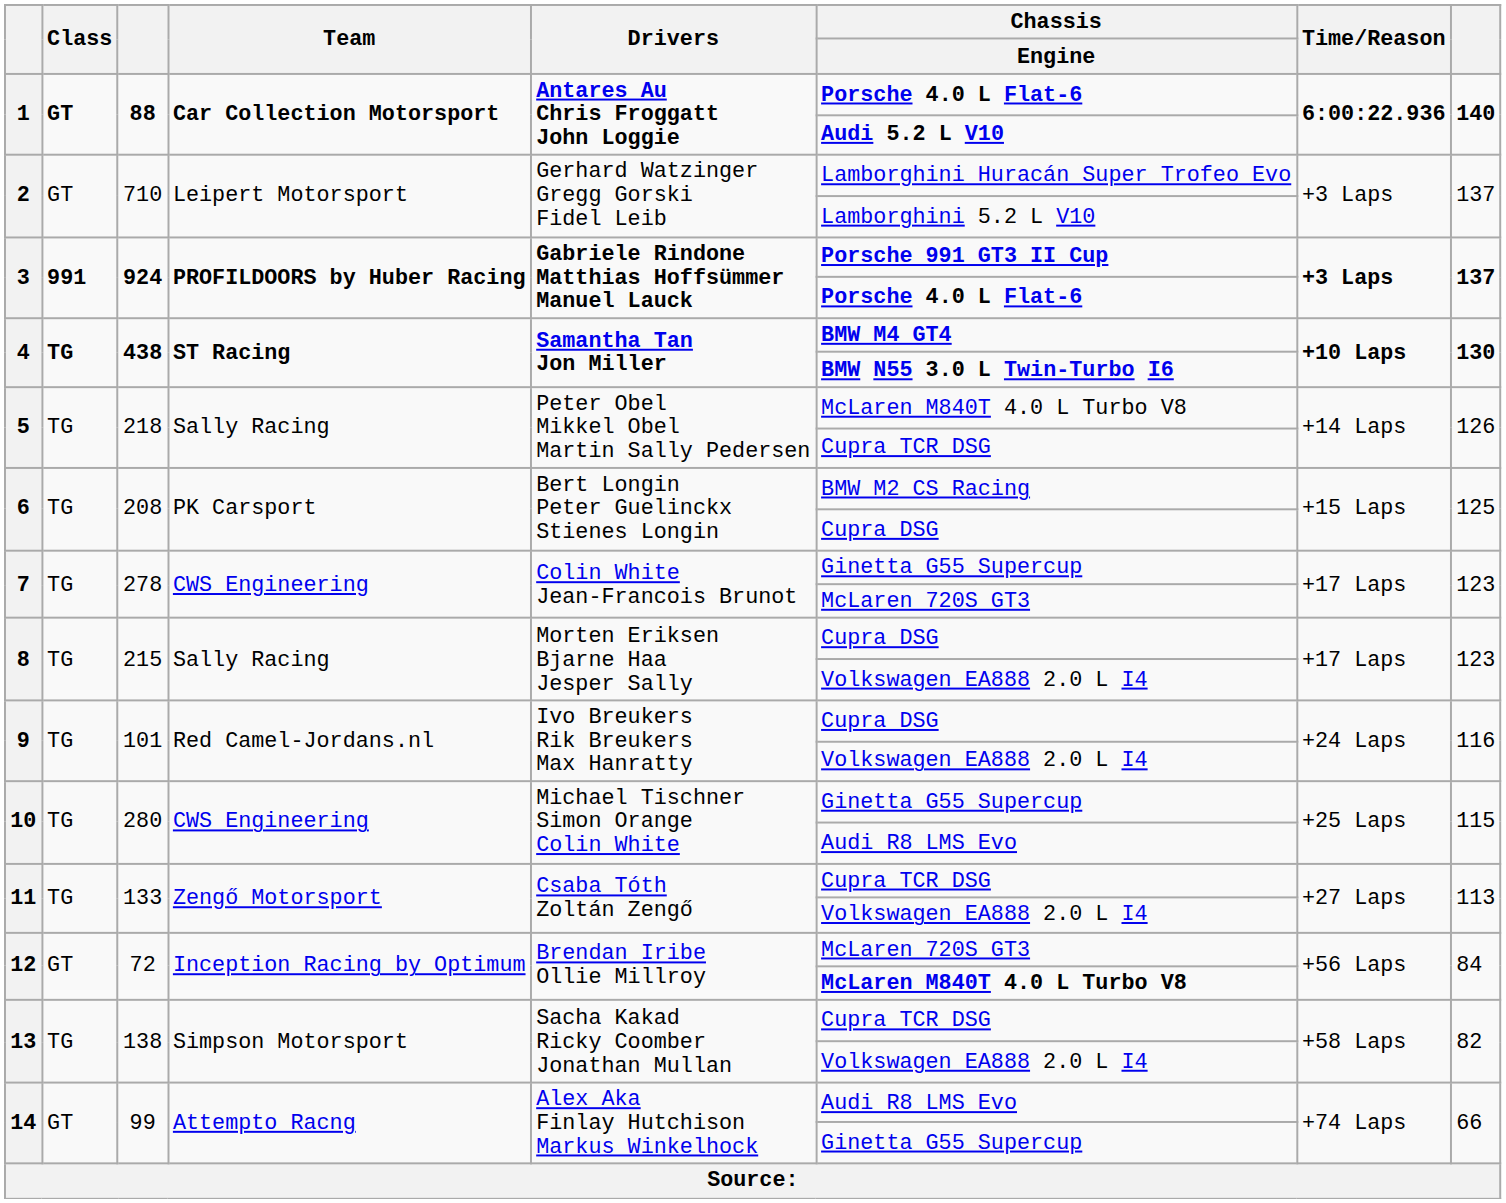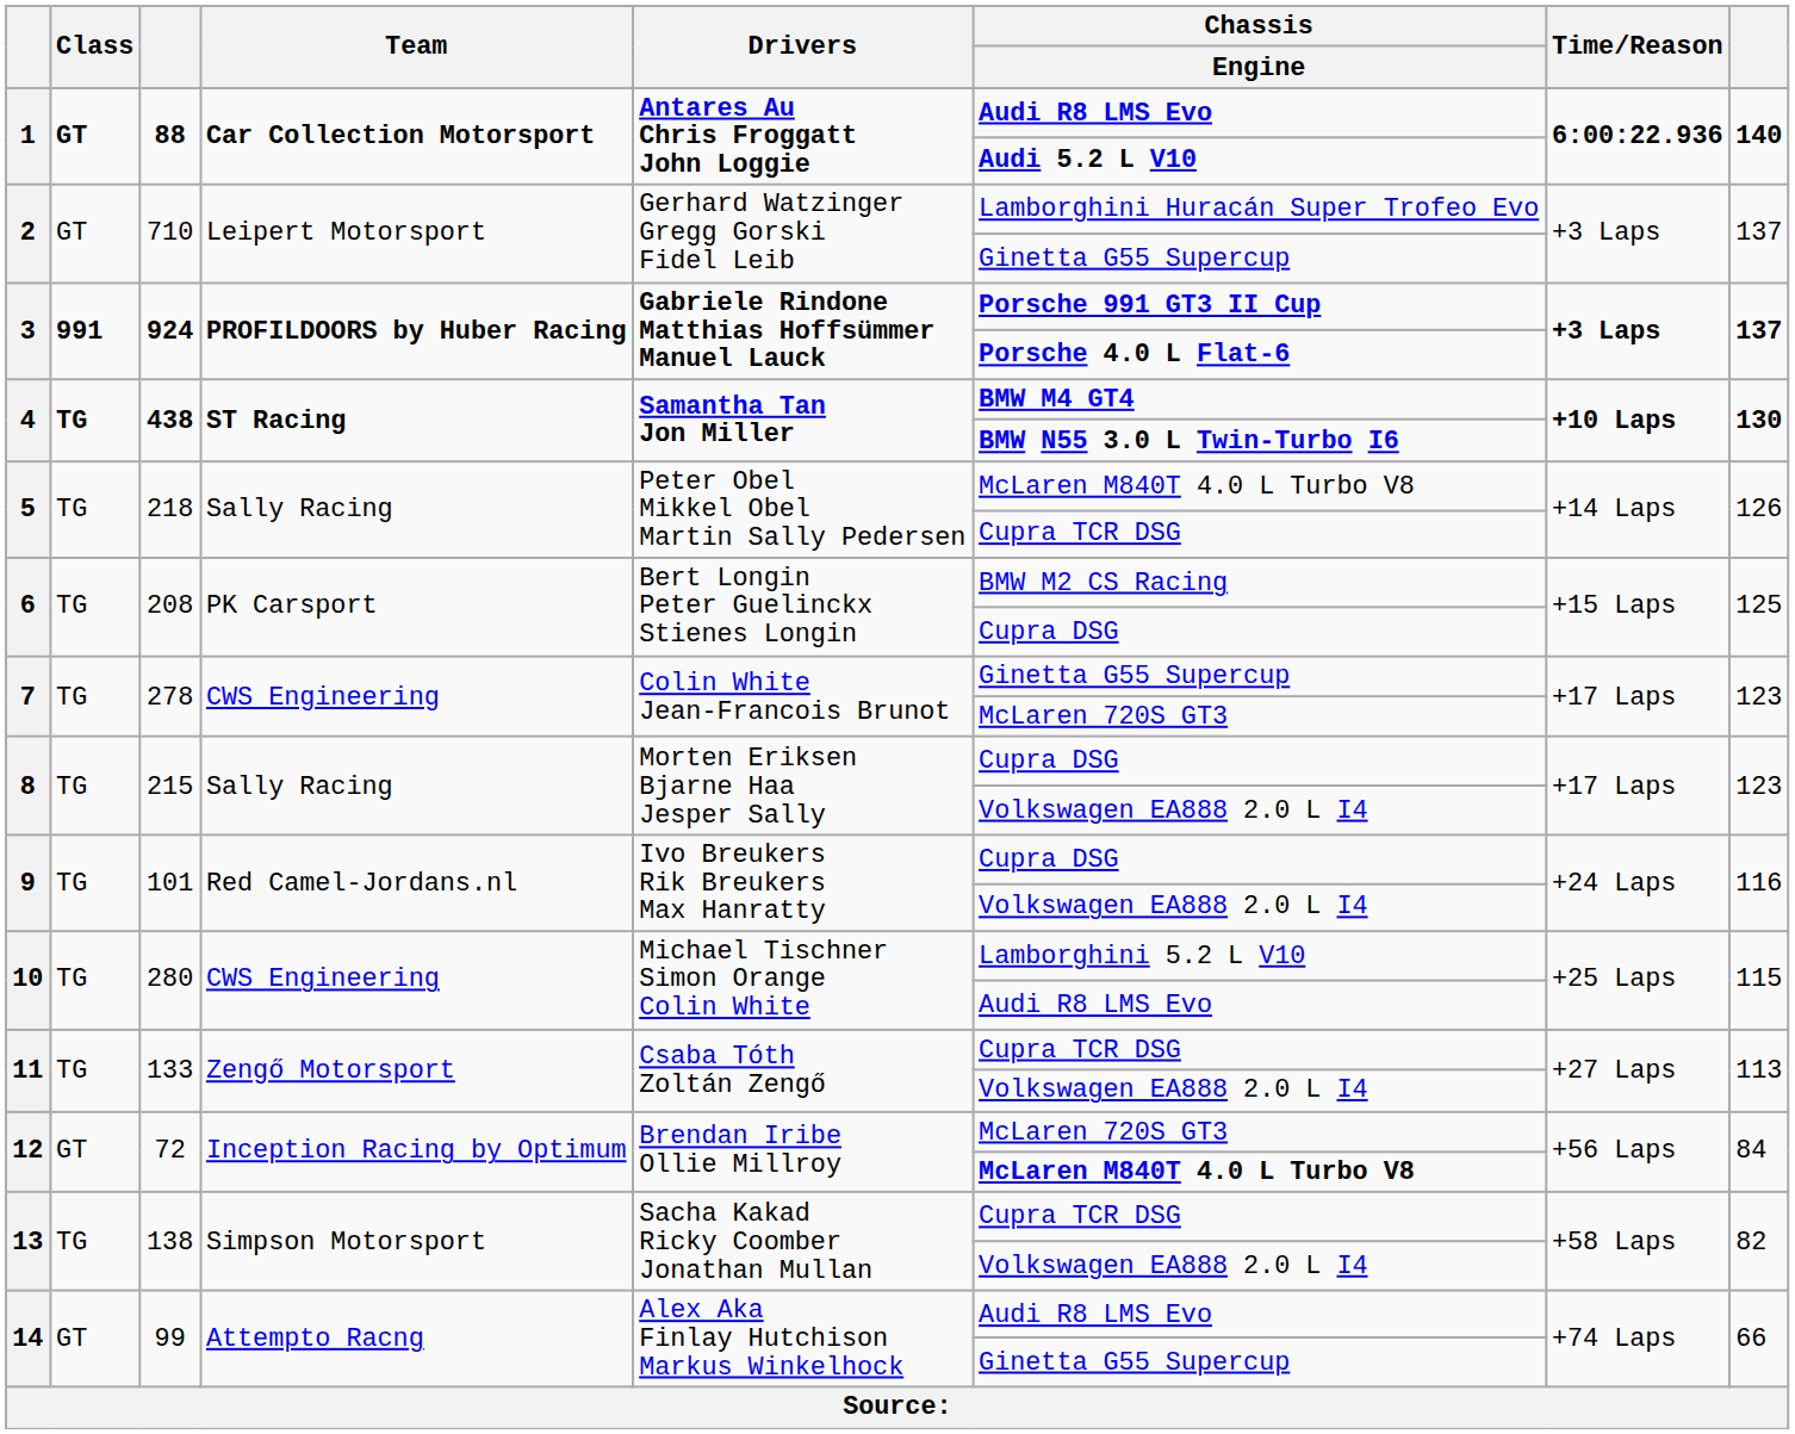 <table class="wikitable" style="font-size: 85%;">
 <tr>
 <th rowspan="2"></th>
 <th rowspan="2">Class</th>
 <th rowspan="2"></th>
 <th rowspan="2">Team</th>
 <th rowspan="2">Drivers</th>
 <th>Chassis</th>
 <th rowspan="2">Time/Reason</th>
 <th rowspan="2"></th>
 </tr>
 <tr>
 <th>Engine</th>
 </tr>
 <tr>
 <th rowspan="2">1</th>
 <td rowspan="2"><strong>GT</strong></td>
 <td rowspan="2" align="center"><strong>88</strong></td>
 <td rowspan="2"><strong> Car Collection Motorsport</strong></td>
 <td rowspan="2"><strong> <a href='#'>Antares Au</a><br> Chris Froggatt<br> John Loggie</strong></td>
-<td><strong><a href='#'>Porsche</a> 4.0 L <a href='#'>Flat-6</a></strong></td>
+<td><a href='#'><strong>Audi R8 LMS Evo</strong></a></td>
 <td rowspan="2"><strong>6:00:22.936</strong></td>
 <td rowspan="2"><strong>140</strong></td>
 </tr>
 <tr>
 <td><strong><a href='#'>Audi</a> 5.2 L <a href='#'>V10</a></strong></td>
 </tr>
 <tr>
 <th rowspan="2">2</th>
 <td rowspan="2">GT</td>
 <td rowspan="2" align="center">710</td>
 <td rowspan="2"> Leipert Motorsport</td>
 <td rowspan="2"> Gerhard Watzinger<br> Gregg Gorski<br> Fidel Leib</td>
 <td><a href='#'>Lamborghini Huracán Super Trofeo Evo</a></td>
 <td rowspan="2">+3 Laps</td>
 <td rowspan="2">137</td>
 </tr>
 <tr>
-<td><a href='#'>Lamborghini</a> 5.2 L <a href='#'>V10</a></td>
+<td><a href='#'>Ginetta G55 Supercup</a></td>
 </tr>
 <tr>
 <th rowspan="2">3</th>
 <td rowspan="2"><strong>991</strong></td>
 <td rowspan="2" align="center"><strong>924</strong></td>
 <td rowspan="2"><strong> PROFILDOORS by Huber Racing</strong></td>
 <td rowspan="2"><strong> Gabriele Rindone<br> Matthias Hoffsümmer<br> Manuel Lauck</strong></td>
 <td><a href='#'><strong>Porsche 991 GT3 II Cup</strong></a></td>
 <td rowspan="2"><strong>+3 Laps</strong></td>
 <td rowspan="2"><strong>137</strong></td>
 </tr>
 <tr>
 <td><strong><a href='#'>Porsche</a> 4.0 L <a href='#'>Flat-6</a></strong></td>
 </tr>
 <tr>
 <th rowspan="2">4</th>
 <td rowspan="2"><strong>TG</strong></td>
 <td rowspan="2" align="center"><strong>438</strong></td>
 <td rowspan="2"><strong> ST Racing</strong></td>
 <td rowspan="2"><strong> <a href='#'>Samantha Tan</a><br> Jon Miller</strong></td>
 <td><a href='#'><strong>BMW M4 GT4</strong></a></td>
 <td rowspan="2"><strong>+10 Laps</strong></td>
 <td rowspan="2"><strong>130</strong></td>
 </tr>
 <tr>
 <td><strong><a href='#'>BMW</a> <a href='#'>N55</a> 3.0 L <a href='#'>Twin-Turbo</a> <a href='#'>I6</a></strong></td>
 </tr>
 <tr>
 <th rowspan="2">5</th>
 <td rowspan="2">TG</td>
 <td rowspan="2" align="center">218</td>
 <td rowspan="2"> Sally Racing</td>
 <td rowspan="2"> Peter Obel<br> Mikkel Obel<br> Martin Sally Pedersen</td>
 <td><a href='#'>McLaren M840T</a> 4.0 L Turbo V8</td>
 <td rowspan="2">+14 Laps</td>
 <td rowspan="2">126</td>
 </tr>
 <tr>
 <td><a href='#'>Cupra TCR DSG</a></td>
 </tr>
 <tr>
 <th rowspan="2">6</th>
 <td rowspan="2">TG</td>
 <td rowspan="2" align="center">208</td>
 <td rowspan="2"> PK Carsport</td>
 <td rowspan="2"> Bert Longin<br> Peter Guelinckx<br> Stienes Longin</td>
 <td><a href='#'>BMW M2 CS Racing</a></td>
 <td rowspan="2">+15 Laps</td>
 <td rowspan="2">125</td>
 </tr>
 <tr>
 <td><a href='#'>Cupra DSG</a></td>
 </tr>
 <tr>
 <th rowspan="2">7</th>
 <td rowspan="2">TG</td>
 <td rowspan="2" align="center">278</td>
 <td rowspan="2"> <a href='#'>CWS Engineering</a></td>
 <td rowspan="2"> <a href='#'>Colin White</a><br> Jean-Francois Brunot</td>
 <td><a href='#'>Ginetta G55 Supercup</a></td>
 <td rowspan="2">+17 Laps</td>
 <td rowspan="2">123</td>
 </tr>
 <tr>
 <td><a href='#'>McLaren 720S GT3</a></td>
 </tr>
 <tr>
 <th rowspan="2">8</th>
 <td rowspan="2">TG</td>
 <td rowspan="2" align="center">215</td>
 <td rowspan="2"> Sally Racing</td>
 <td rowspan="2"> Morten Eriksen<br> Bjarne Haa<br> Jesper Sally</td>
 <td><a href='#'>Cupra DSG</a></td>
 <td rowspan="2">+17 Laps</td>
 <td rowspan="2">123</td>
 </tr>
 <tr>
 <td><a href='#'>Volkswagen EA888</a> 2.0 L <a href='#'>I4</a></td>
 </tr>
 <tr>
 <th rowspan="2">9</th>
 <td rowspan="2">TG</td>
 <td rowspan="2" align="center">101</td>
 <td rowspan="2"> Red Camel-Jordans.nl</td>
 <td rowspan="2"> Ivo Breukers<br> Rik Breukers<br> Max Hanratty</td>
 <td><a href='#'>Cupra DSG</a></td>
 <td rowspan="2">+24 Laps</td>
 <td rowspan="2">116</td>
 </tr>
 <tr>
 <td><a href='#'>Volkswagen EA888</a> 2.0 L <a href='#'>I4</a></td>
 </tr>
 <tr>
 <th rowspan="2">10</th>
 <td rowspan="2">TG</td>
 <td rowspan="2" align="center">280</td>
 <td rowspan="2"> <a href='#'>CWS Engineering</a></td>
 <td rowspan="2"> Michael Tischner<br> Simon Orange<br> <a href='#'>Colin White</a></td>
-<td><a href='#'>Ginetta G55 Supercup</a></td>
+<td><a href='#'>Lamborghini</a> 5.2 L <a href='#'>V10</a></td>
 <td rowspan="2">+25 Laps</td>
 <td rowspan="2">115</td>
 </tr>
 <tr>
 <td><a href='#'>Audi R8 LMS Evo</a></td>
 </tr>
 <tr>
 <th rowspan="2">11</th>
 <td rowspan="2">TG</td>
 <td rowspan="2" align="center">133</td>
 <td rowspan="2"> <a href='#'>Zengő Motorsport</a></td>
 <td rowspan="2"> <a href='#'>Csaba Tóth</a><br> Zoltán Zengő</td>
 <td><a href='#'>Cupra TCR DSG</a></td>
 <td rowspan="2">+27 Laps</td>
 <td rowspan="2">113</td>
 </tr>
 <tr>
 <td><a href='#'>Volkswagen EA888</a> 2.0 L <a href='#'>I4</a></td>
 </tr>
 <tr>
 <th rowspan="2">12</th>
 <td rowspan="2">GT</td>
 <td rowspan="2" align="center">72</td>
 <td rowspan="2"> <a href='#'>Inception Racing by Optimum</a></td>
 <td rowspan="2"> <a href='#'>Brendan Iribe</a><br> Ollie Millroy</td>
 <td><a href='#'>McLaren 720S GT3</a></td>
 <td rowspan="2">+56 Laps</td>
 <td rowspan="2">84</td>
 </tr>
 <tr>
 <td><strong><a href='#'>McLaren M840T</a> 4.0 L Turbo V8</strong></td>
 </tr>
 <tr>
 <th rowspan="2">13</th>
 <td rowspan="2">TG</td>
 <td rowspan="2" align="center">138</td>
 <td rowspan="2"> Simpson Motorsport</td>
 <td rowspan="2"> Sacha Kakad<br> Ricky Coomber<br> Jonathan Mullan</td>
 <td><a href='#'>Cupra TCR DSG</a></td>
 <td rowspan="2">+58 Laps</td>
 <td rowspan="2">82</td>
 </tr>
 <tr>
 <td><a href='#'>Volkswagen EA888</a> 2.0 L <a href='#'>I4</a></td>
 </tr>
 <tr>
 <th rowspan="2">14</th>
 <td rowspan="2">GT</td>
 <td rowspan="2" align="center">99</td>
 <td rowspan="2"> <a href='#'>Attempto Racng</a></td>
 <td rowspan="2"> <a href='#'>Alex Aka</a><br> Finlay Hutchison<br> <a href='#'>Markus Winkelhock</a></td>
 <td><a href='#'>Audi R8 LMS Evo</a></td>
 <td rowspan="2">+74 Laps</td>
 <td rowspan="2">66</td>
 </tr>
 <tr>
 <td><a href='#'>Ginetta G55 Supercup</a></td>
 </tr>
 <tr>
 <th colspan="8">Source:</th>
 </tr>
 </table>
